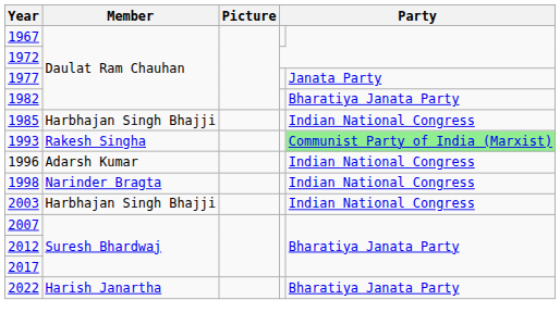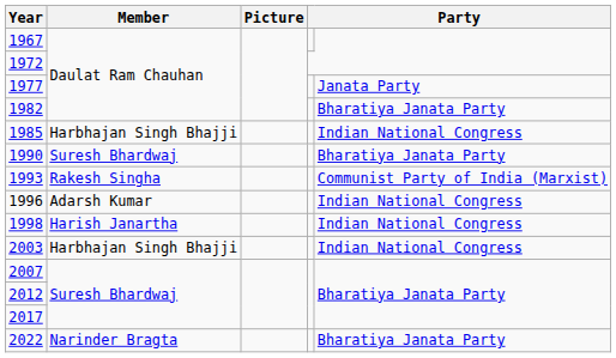 <table class="wikitable sortable">
 <tr>
 <th>Year</th>
 <th>Member</th>
 <th>Picture</th>
 <th colspan="2">Party</th>
 </tr>
 <tr>
 <td><a href='#'>1967</a></td>
 <td rowspan="4">Daulat Ram Chauhan</td>
 <td rowspan="4"></td>
 <td></td>
 </tr>
 <tr>
 <td><a href='#'>1972</a></td>
 </tr>
 <tr>
 <td><a href='#'>1977</a></td>
 <td style="background-color: "></td>
 <td><a href='#'>Janata Party</a></td>
 </tr>
 <tr>
 <td><a href='#'>1982</a></td>
 <td style="background-color: "></td>
 <td><a href='#'>Bharatiya Janata Party</a></td>
 </tr>
 <tr>
 <td><a href='#'>1985</a></td>
 <td>Harbhajan Singh Bhajji</td>
 <td></td>
 <td style="background-color: "></td>
 <td><a href='#'>Indian National Congress</a></td>
 </tr>
 <tr>
+<td><a href='#'>1990</a></td>
+<td><a href='#'>Suresh Bhardwaj</a></td>
+<td></td>
+<td style="background-color: "></td>
+<td><a href='#'>Bharatiya Janata Party</a></td>
+</tr>
+<tr>
 <td><a href='#'>1993</a></td>
 <td><a href='#'>Rakesh Singha</a></td>
 <td></td>
 <td style="background-color: "></td>
-<td style="background: lightgreen;"><a href='#'>Communist Party of India (Marxist)</a></td>
+<td><a href='#'>Communist Party of India (Marxist)</a></td>
 </tr>
 <tr>
 <td>1996</td>
 <td>Adarsh Kumar</td>
 <td></td>
 <td style="background-color: "></td>
 <td><a href='#'>Indian National Congress</a></td>
 </tr>
 <tr>
 <td><a href='#'>1998</a></td>
-<td><a href='#'>Narinder Bragta</a></td>
+<td><a href='#'>Harish Janartha</a></td>
 <td></td>
 <td style="background-color: "></td>
 <td><a href='#'>Indian National Congress</a></td>
 </tr>
 <tr>
 <td><a href='#'>2003</a></td>
 <td>Harbhajan Singh Bhajji</td>
 <td></td>
 <td style="background-color: "></td>
 <td><a href='#'>Indian National Congress</a></td>
 </tr>
 <tr>
 <td><a href='#'>2007</a></td>
 <td rowspan="3"><a href='#'>Suresh Bhardwaj</a></td>
 <td rowspan="3"></td>
 <td rowspan="3" style="background-color: "></td>
 <td rowspan="3"><a href='#'>Bharatiya Janata Party</a></td>
 </tr>
 <tr>
 <td><a href='#'>2012</a></td>
 </tr>
 <tr>
 <td><a href='#'>2017</a></td>
 </tr>
 <tr>
 <td><a href='#'>2022</a></td>
-<td><a href='#'>Harish Janartha</a></td>
+<td><a href='#'>Narinder Bragta</a></td>
 <td></td>
 <td style="background-color: "></td>
 <td><a href='#'>Bharatiya Janata Party</a></td>
 </tr>
 </table>
